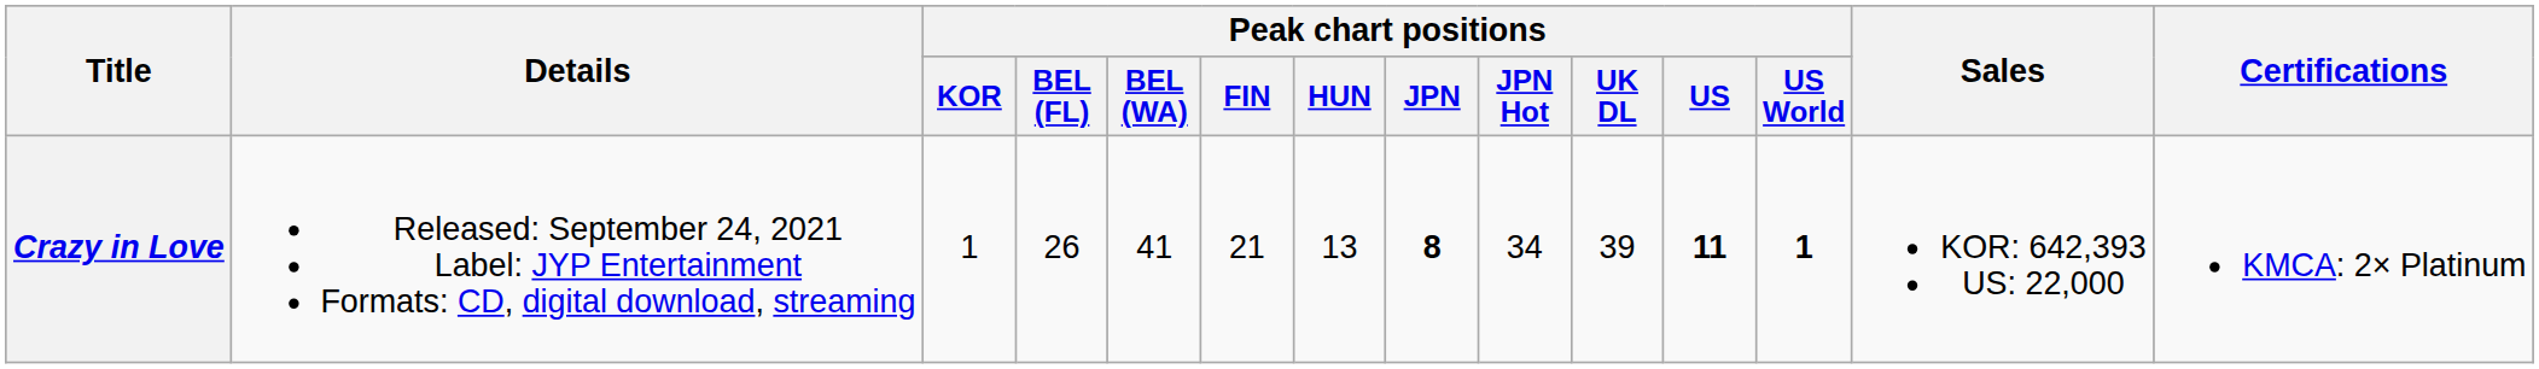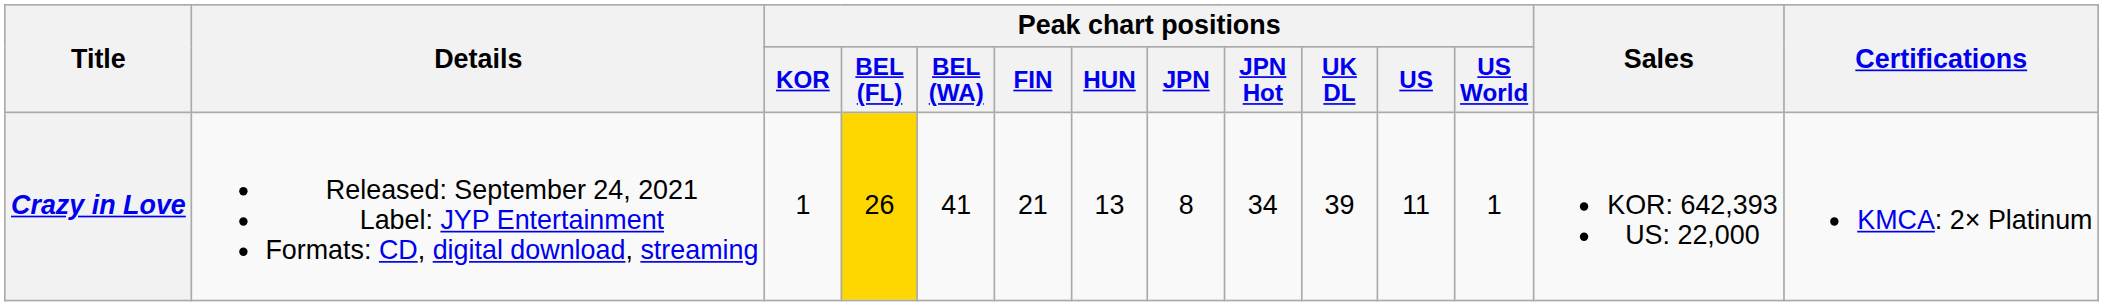 <table class="wikitable plainrowheaders" style="text-align:center">
 <tr>
 <th scope="col" rowspan="2">Title</th>
 <th scope="col" rowspan="2">Details</th>
 <th scope="col" colspan="10">Peak chart positions</th>
 <th scope="col" rowspan="2">Sales</th>
 <th scope="col" rowspan="2"><a href='#'>Certifications</a><br></th>
 </tr>
 <tr>
 <th scope="col" style="width:2.7em;font-size:90%"><a href='#'>KOR</a><br></th>
 <th scope="col" style="width:2.7em;font-size:90%"><a href='#'>BEL<br>(FL)</a><br></th>
 <th scope="col" style="width:2.7em;font-size:90%"><a href='#'>BEL<br>(WA)</a><br></th>
 <th scope="col" style="width:2.7em;font-size:90%"><a href='#'>FIN</a><br></th>
 <th scope="col" style="width:2.7em;font-size:90%"><a href='#'>HUN</a><br></th>
 <th scope="col" style="width:2.7em;font-size:90%"><a href='#'>JPN</a><br></th>
 <th scope="col" style="width:2.7em;font-size:90%"><a href='#'>JPN<br>Hot</a><br></th>
 <th scope="col" style="width:2.7em;font-size:90%"><a href='#'>UK<br>DL</a><br></th>
 <th scope="col" style="width:2.7em;font-size:90%"><a href='#'>US</a><br></th>
 <th scope="col" style="width:2.7em;font-size:90%"><a href='#'>US<br>World</a><br></th>
 </tr>
 <tr>
 <th scope="row"><em><a href='#'>Crazy in Love</a></em></th>
 <td><br><ul><li>Released: September 24, 2021</li><li>Label: <a href='#'>JYP Entertainment</a></li><li>Formats: <a href='#'>CD</a>, <a href='#'>digital download</a>, <a href='#'>streaming</a></li></ul></td>
 <td>1</td>
-<td>26</td>
+<td style="background: gold;">26</td>
 <td>41</td>
 <td>21</td>
 <td>13</td>
-<td><strong>8</strong></td>
+<td>8</td>
 <td>34</td>
 <td>39</td>
-<td><strong>11</strong></td>
-<td><strong>1</strong></td>
+<td>11</td>
+<td>1</td>
 <td><br><ul><li>KOR: 642,393</li><li>US: 22,000</li></ul></td>
 <td><br><ul><li><a href='#'>KMCA</a>: 2× Platinum</li></ul></td>
 </tr>
 </table>
